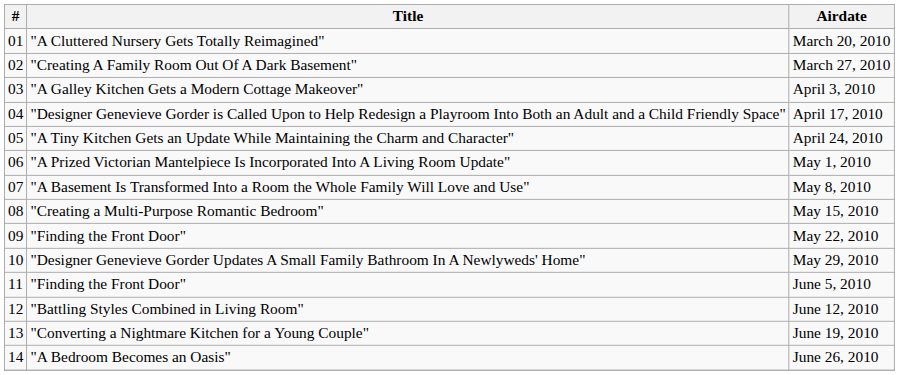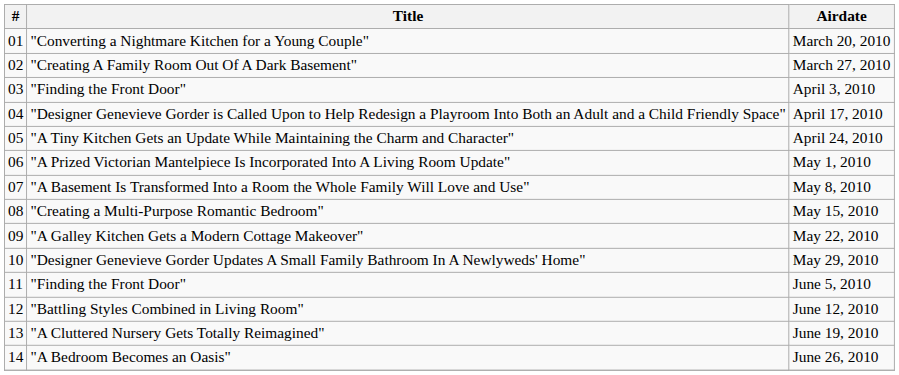 <table class="wikitable sortable">
 <tr>
 <th>#</th>
 <th>Title</th>
 <th>Airdate</th>
 </tr>
 <tr>
 <td nowrap="nowrap" align="center">01</td>
-<td>"A Cluttered Nursery Gets Totally Reimagined"</td>
+<td>"Converting a Nightmare Kitchen for a Young Couple"</td>
 <td>March 20, 2010</td>
 </tr>
 <tr>
 <td nowrap="nowrap" align="center">02</td>
 <td>"Creating A Family Room Out Of A Dark Basement"</td>
 <td>March 27, 2010</td>
 </tr>
 <tr>
 <td nowrap="nowrap" align="center">03</td>
-<td>"A Galley Kitchen Gets a Modern Cottage Makeover"</td>
+<td>"Finding the Front Door"</td>
 <td>April 3, 2010</td>
 </tr>
 <tr>
 <td nowrap="nowrap" align="center">04</td>
 <td>"Designer Genevieve Gorder is Called Upon to Help Redesign a Playroom Into Both an Adult and a Child Friendly Space"</td>
 <td>April 17, 2010</td>
 </tr>
 <tr>
 <td nowrap="nowrap" align="center">05</td>
 <td>"A Tiny Kitchen Gets an Update While Maintaining the Charm and Character"</td>
 <td>April 24, 2010</td>
 </tr>
 <tr>
 <td nowrap="nowrap" align="center">06</td>
 <td>"A Prized Victorian Mantelpiece Is Incorporated Into A Living Room Update"</td>
 <td>May 1, 2010</td>
 </tr>
 <tr>
 <td nowrap="nowrap" align="center">07</td>
 <td>"A Basement Is Transformed Into a Room the Whole Family Will Love and Use"</td>
 <td>May 8, 2010</td>
 </tr>
 <tr>
 <td>08</td>
 <td>"Creating a Multi-Purpose Romantic Bedroom"</td>
 <td>May 15, 2010</td>
 </tr>
 <tr>
 <td>09</td>
-<td>"Finding the Front Door"</td>
+<td>"A Galley Kitchen Gets a Modern Cottage Makeover"</td>
 <td>May 22, 2010</td>
 </tr>
 <tr>
 <td>10</td>
 <td>"Designer Genevieve Gorder Updates A Small Family Bathroom In A Newlyweds' Home"</td>
 <td>May 29, 2010</td>
 </tr>
 <tr>
 <td>11</td>
 <td>"Finding the Front Door"</td>
 <td>June 5, 2010</td>
 </tr>
 <tr>
 <td>12</td>
 <td>"Battling Styles Combined in Living Room"</td>
 <td>June 12, 2010</td>
 </tr>
 <tr>
 <td>13</td>
-<td>"Converting a Nightmare Kitchen for a Young Couple"</td>
+<td>"A Cluttered Nursery Gets Totally Reimagined"</td>
 <td>June 19, 2010</td>
 </tr>
 <tr>
 <td>14</td>
 <td>"A Bedroom Becomes an Oasis"</td>
 <td>June 26, 2010</td>
 </tr>
 <tr>
 </tr>
 </table>
